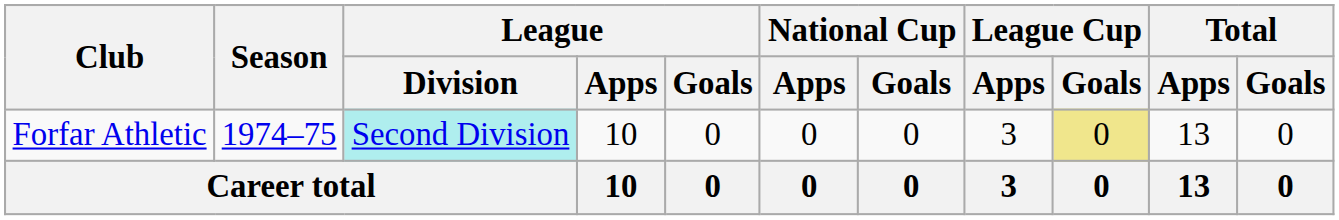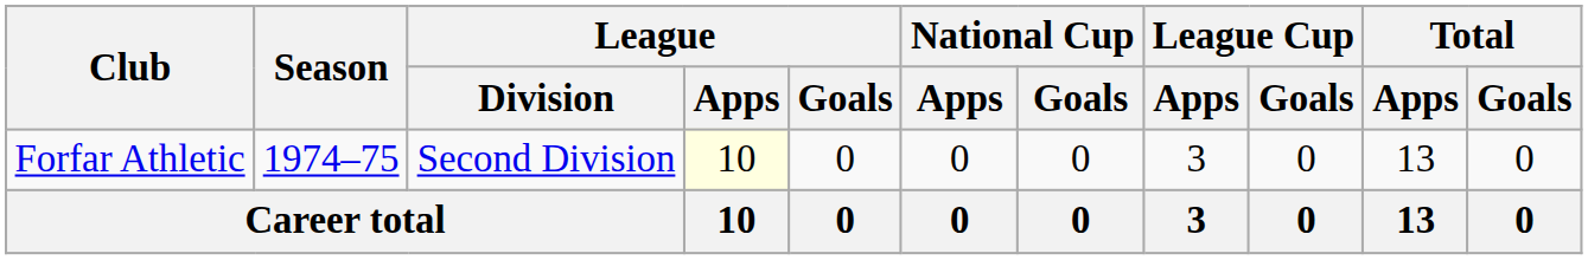 <table class="wikitable" style="text-align: center;">
 <tr>
 <th rowspan="2">Club</th>
 <th rowspan="2">Season</th>
 <th colspan="3">League</th>
 <th colspan="2">National Cup</th>
 <th colspan="2">League Cup</th>
 <th colspan="2">Total</th>
 </tr>
 <tr>
 <th>Division</th>
 <th>Apps</th>
 <th>Goals</th>
 <th>Apps</th>
 <th>Goals</th>
 <th>Apps</th>
 <th>Goals</th>
 <th>Apps</th>
 <th>Goals</th>
 </tr>
 <tr>
 <td><a href='#'>Forfar Athletic</a></td>
 <td><a href='#'>1974–75</a></td>
-<td style="background: paleturquoise;"><a href='#'>Second Division</a></td>
-<td>10</td>
+<td><a href='#'>Second Division</a></td>
+<td style="background: lightyellow;">10</td>
 <td>0</td>
 <td>0</td>
 <td>0</td>
 <td>3</td>
-<td style="background: khaki;">0</td>
+<td>0</td>
 <td>13</td>
 <td>0</td>
 </tr>
 <tr>
 <th colspan="3">Career total</th>
 <th>10</th>
 <th>0</th>
 <th>0</th>
 <th>0</th>
 <th>3</th>
 <th>0</th>
 <th>13</th>
 <th>0</th>
 </tr>
 </table>
